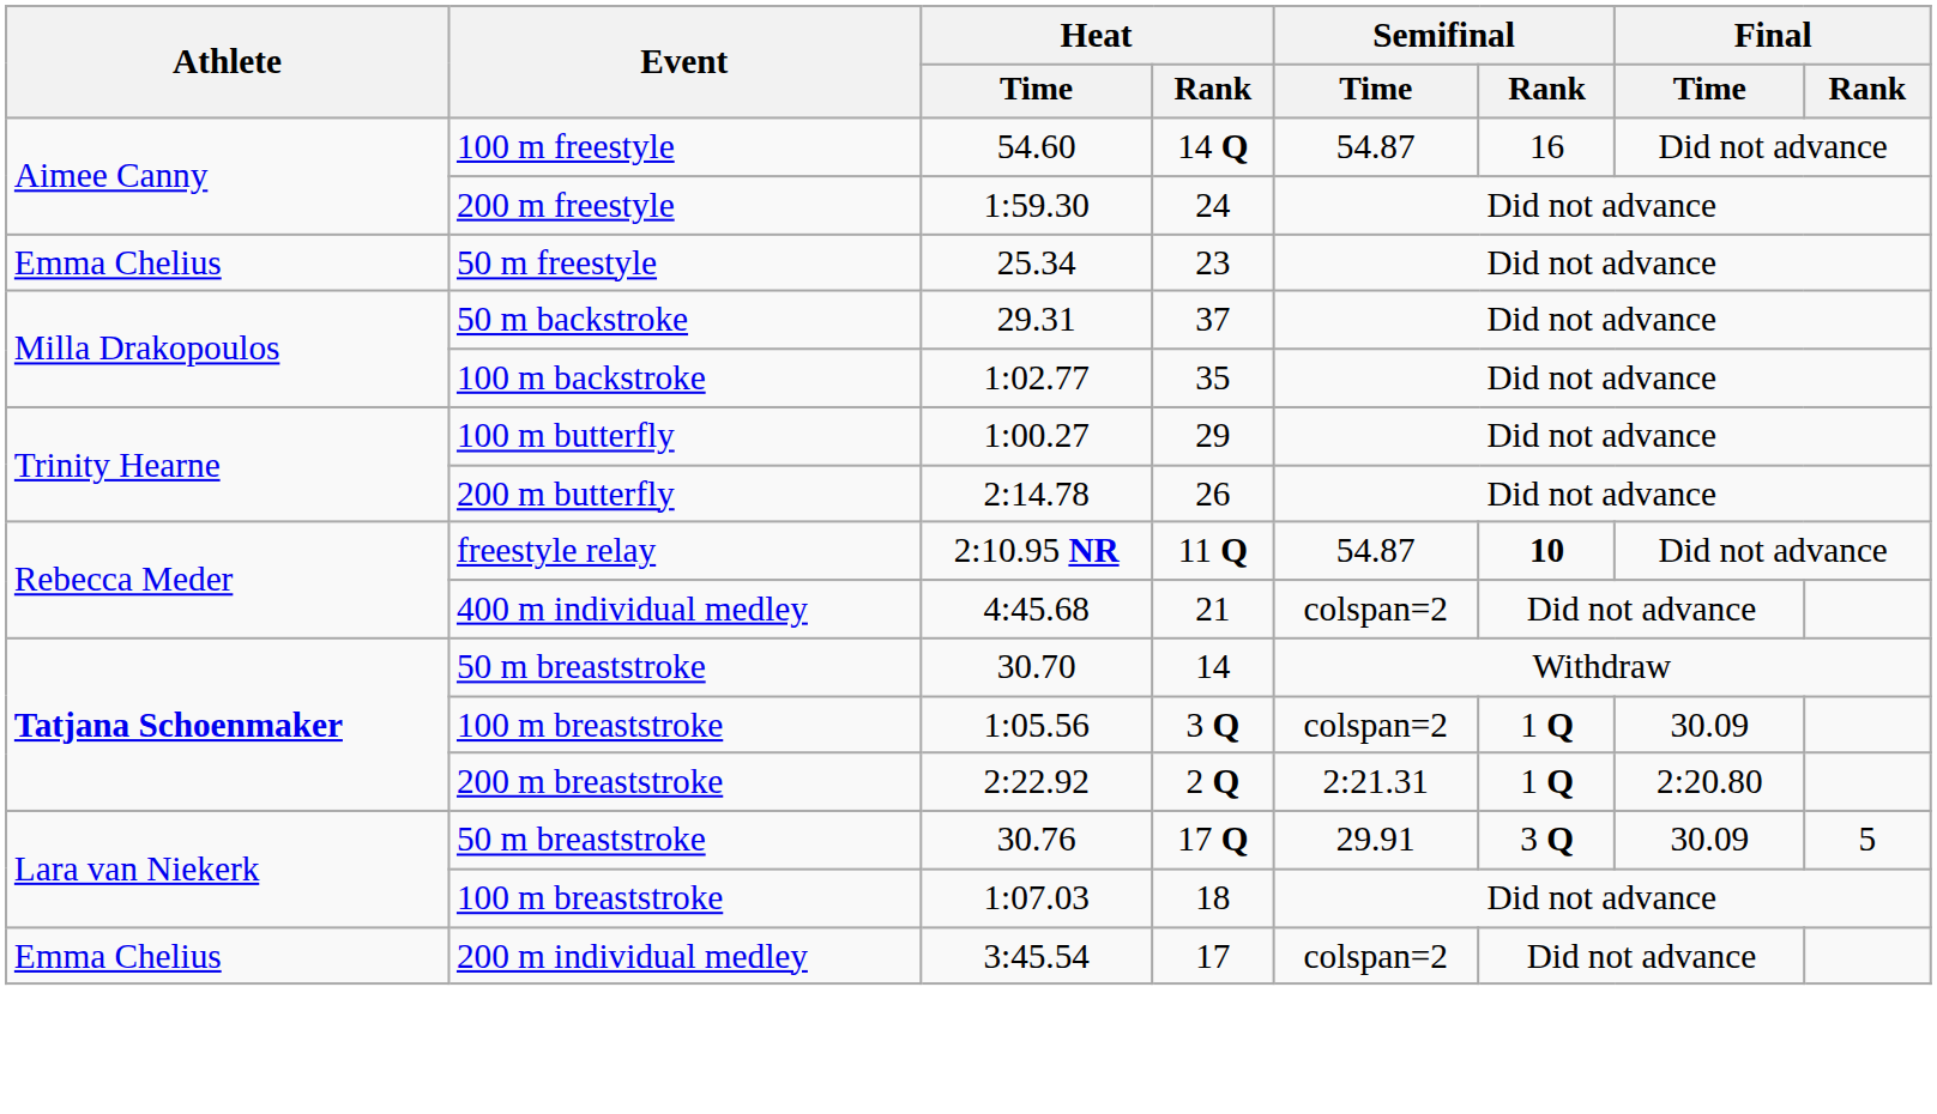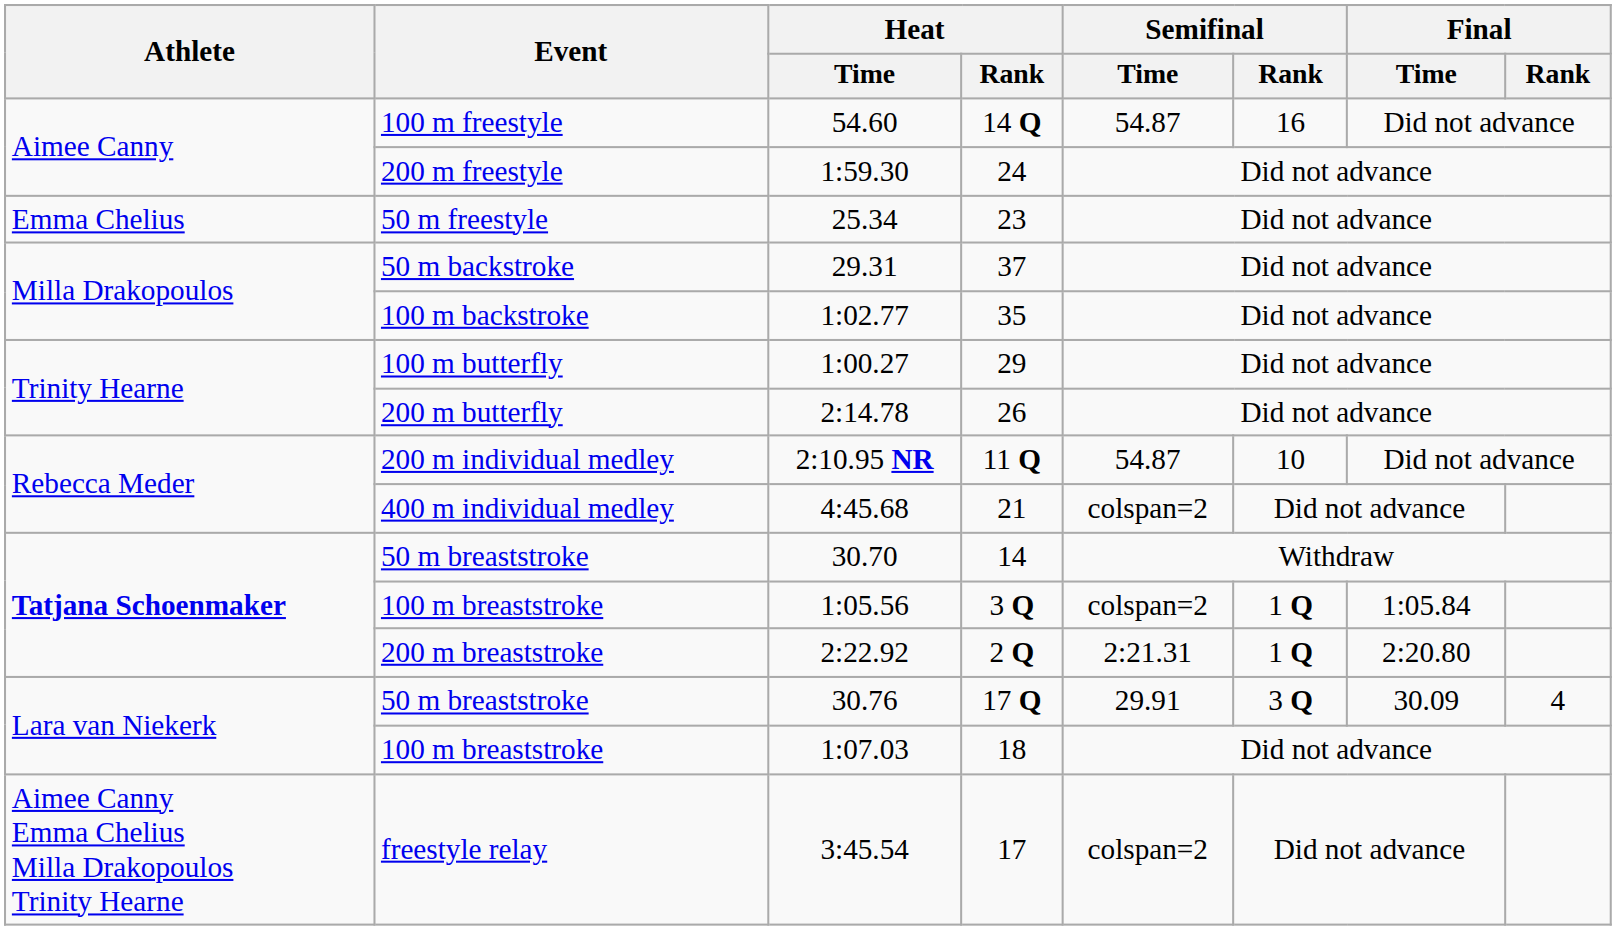 <table class="wikitable" style="text-align:center; font-size:90%; width:50%;">
 <tr>
 <th rowspan="2">Athlete</th>
 <th rowspan="2">Event</th>
 <th colspan="2">Heat</th>
 <th colspan="2">Semifinal</th>
 <th colspan="2">Final</th>
 </tr>
 <tr style="font-size:95%">
 <th>Time</th>
 <th>Rank</th>
 <th>Time</th>
 <th>Rank</th>
 <th>Time</th>
 <th>Rank</th>
 </tr>
 <tr>
 <td align=left rowspan=2><a href='#'>Aimee Canny</a></td>
 <td align=left><a href='#'>100 m freestyle</a></td>
 <td>54.60</td>
 <td>14 <strong>Q</strong></td>
 <td>54.87</td>
 <td>16</td>
 <td colspan=2>Did not advance</td>
 </tr>
 <tr>
 <td align=left><a href='#'>200 m freestyle</a></td>
 <td>1:59.30</td>
 <td>24</td>
 <td colspan=4>Did not advance</td>
 </tr>
 <tr>
 <td align=left><a href='#'>Emma Chelius</a></td>
 <td align=left><a href='#'>50 m freestyle</a></td>
 <td>25.34</td>
 <td>23</td>
 <td colspan=4>Did not advance</td>
 </tr>
 <tr>
 <td align=left rowspan=2><a href='#'>Milla Drakopoulos</a></td>
 <td align=left><a href='#'>50 m backstroke</a></td>
 <td>29.31</td>
 <td>37</td>
 <td colspan=4>Did not advance</td>
 </tr>
 <tr>
 <td align=left><a href='#'>100 m backstroke</a></td>
 <td>1:02.77</td>
 <td>35</td>
 <td colspan=4>Did not advance</td>
 </tr>
 <tr>
 <td align=left rowspan=2><a href='#'>Trinity Hearne</a></td>
 <td align=left><a href='#'>100 m butterfly</a></td>
 <td>1:00.27</td>
 <td>29</td>
 <td colspan=4>Did not advance</td>
 </tr>
 <tr>
 <td align=left><a href='#'>200 m butterfly</a></td>
 <td>2:14.78</td>
 <td>26</td>
 <td colspan=4>Did not advance</td>
 </tr>
 <tr>
 <td align=left rowspan=2><a href='#'>Rebecca Meder</a></td>
-<td align=left><a href='#'> freestyle relay</a></td>
+<td align=left><a href='#'>200 m individual medley</a></td>
 <td>2:10.95 <strong><a href='#'>NR</a></strong></td>
 <td>11 <strong>Q</strong></td>
 <td>54.87</td>
-<td><strong>10</strong></td>
+<td>10</td>
 <td colspan=2>Did not advance</td>
 </tr>
 <tr>
 <td align=left><a href='#'>400 m individual medley</a></td>
 <td>4:45.68</td>
 <td>21</td>
 <td>colspan=2 </td>
 <td colspan=2>Did not advance</td>
 </tr>
 <tr>
 <td align=left rowspan=3><strong><a href='#'>Tatjana Schoenmaker</a></strong></td>
 <td align=left><a href='#'>50 m breaststroke</a></td>
 <td>30.70</td>
 <td>14</td>
 <td colspan=4>Withdraw</td>
 </tr>
 <tr>
 <td align=left><a href='#'>100 m breaststroke</a></td>
 <td>1:05.56</td>
 <td>3 <strong>Q</strong></td>
 <td>colspan=2 </td>
 <td>1 <strong>Q</strong></td>
-<td>30.09</td>
+<td>1:05.84</td>
 <td></td>
 </tr>
 <tr>
 <td align=left><a href='#'>200 m breaststroke</a></td>
 <td>2:22.92</td>
 <td>2 <strong>Q</strong></td>
 <td>2:21.31</td>
 <td>1 <strong>Q</strong></td>
 <td>2:20.80</td>
 <td></td>
 </tr>
 <tr>
 <td align=left rowspan=2><a href='#'>Lara van Niekerk</a></td>
 <td align=left><a href='#'>50 m breaststroke</a></td>
 <td>30.76</td>
 <td>17 <strong>Q</strong></td>
 <td>29.91</td>
 <td>3 <strong>Q</strong></td>
 <td>30.09</td>
-<td>5</td>
+<td>4</td>
 </tr>
 <tr>
 <td align=left><a href='#'>100 m breaststroke</a></td>
 <td>1:07.03</td>
 <td>18</td>
 <td colspan=4>Did not advance</td>
 </tr>
 <tr align=center>
-<td align=left><a href='#'>Emma Chelius</a></td>
-<td align=left><a href='#'>200 m individual medley</a></td>
+<td align=left><a href='#'>Aimee Canny</a> <br><a href='#'>Emma Chelius</a> <br><a href='#'>Milla Drakopoulos</a> <br><a href='#'>Trinity Hearne</a></td>
+<td align=left><a href='#'> freestyle relay</a></td>
 <td>3:45.54</td>
 <td>17</td>
 <td>colspan=2 </td>
 <td colspan=2>Did not advance</td>
 </tr>
 </table>
